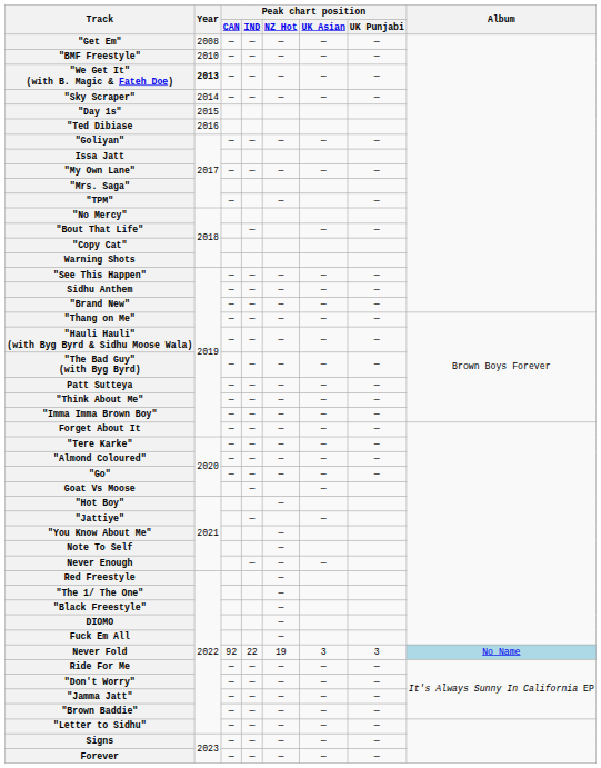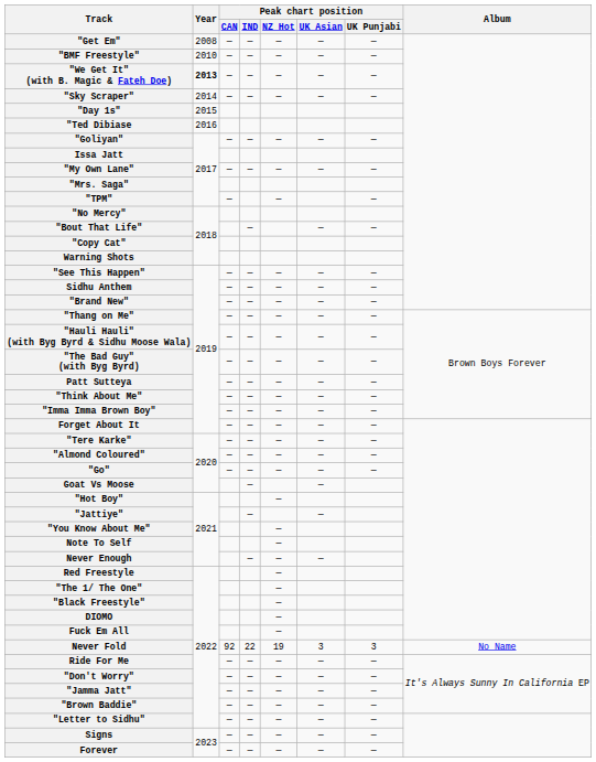 <table class="wikitable plainrowheaders" style="text-align:center;">
 <tr>
 <th rowspan="2" scope="col">Track</th>
 <th rowspan="2" scope="col">Year</th>
 <th colspan="5">Peak chart position</th>
 <th rowspan="2">Album</th>
 </tr>
 <tr>
 <th><a href='#'>CAN</a></th>
 <th><a href='#'>IND</a></th>
 <th><a href='#'>NZ Hot</a></th>
 <th><a href='#'>UK Asian</a></th>
 <th>UK Punjabi</th>
 </tr>
 <tr>
 <th scope="row">"Get Em"</th>
 <td>2008</td>
 <td>—</td>
 <td>—</td>
 <td>—</td>
 <td>—</td>
 <td>—</td>
 <td rowspan="18"></td>
 </tr>
 <tr>
 <th scope="row">"BMF Freestyle" </th>
 <td>2010</td>
 <td>—</td>
 <td>—</td>
 <td>—</td>
 <td>—</td>
 <td>—</td>
 </tr>
 <tr>
 <th scope="row">"We Get It"<br><span>(with B. Magic & <a href='#'>Fateh Doe</a>)</span></th>
 <td><strong>2013</strong></td>
 <td>—</td>
 <td>—</td>
 <td>—</td>
 <td>—</td>
 <td>—</td>
 </tr>
 <tr>
 <th scope="row">"Sky Scraper"<br></th>
 <td>2014</td>
 <td>—</td>
 <td>—</td>
 <td>—</td>
 <td>—</td>
 <td>—</td>
 </tr>
 <tr>
 <th scope="row">"Day 1s"<br></th>
 <td>2015</td>
 <td></td>
 <td></td>
 <td></td>
 <td></td>
 <td></td>
 </tr>
 <tr>
 <th scope="row">"Ted Dibiase<br></th>
 <td>2016</td>
 <td></td>
 <td></td>
 <td></td>
 <td></td>
 <td></td>
 </tr>
 <tr>
 <th scope="row">"Goliyan"<br></th>
 <td rowspan="5">2017</td>
 <td>—</td>
 <td>—</td>
 <td>—</td>
 <td>—</td>
 <td>—</td>
 </tr>
 <tr>
 <th scope="row">Issa Jatt<br> </th>
 <td></td>
 <td></td>
 <td></td>
 <td></td>
 <td></td>
 </tr>
 <tr>
 <th scope="row">"My Own Lane"</th>
 <td>—</td>
 <td>—</td>
 <td>—</td>
 <td>—</td>
 <td>—</td>
 </tr>
 <tr>
 <th scope="row">"Mrs. Saga"</th>
 <td></td>
 <td></td>
 <td></td>
 <td></td>
 <td></td>
 </tr>
 <tr>
 <th scope="row">"TPM"<br></th>
 <td>—</td>
 <td></td>
 <td>—</td>
 <td></td>
 <td>—</td>
 </tr>
 <tr>
 <th scope="row">"No Mercy"</th>
 <td rowspan="4">2018</td>
 <td></td>
 <td></td>
 <td></td>
 <td></td>
 <td></td>
 </tr>
 <tr>
 <th scope="row">"Bout That Life"<br></th>
 <td></td>
 <td>—</td>
 <td></td>
 <td>—</td>
 <td>—</td>
 </tr>
 <tr>
 <th scope="row">"Copy Cat"</th>
 <td></td>
 <td></td>
 <td></td>
 <td></td>
 <td></td>
 </tr>
 <tr>
 <th scope="row">Warning Shots<br></th>
 <td></td>
 <td></td>
 <td></td>
 <td></td>
 <td></td>
 </tr>
 <tr>
 <th scope="row">"See This Happen"<br></th>
 <td rowspan="10">2019</td>
 <td>—</td>
 <td>—</td>
 <td>—</td>
 <td>—</td>
 <td>—</td>
 </tr>
 <tr>
 <th scope="row">Sidhu Anthem </th>
 <td>—</td>
 <td>—</td>
 <td>—</td>
 <td>—</td>
 <td>—</td>
 </tr>
 <tr>
 <th scope="row">"Brand New"</th>
 <td>—</td>
 <td>—</td>
 <td>—</td>
 <td>—</td>
 <td>—</td>
 </tr>
 <tr>
 <th scope="row">"Thang on Me"<br></th>
 <td>—</td>
 <td>—</td>
 <td>—</td>
 <td>—</td>
 <td>—</td>
 <td rowspan="6">Brown Boys Forever</td>
 </tr>
 <tr>
 <th scope="row">"Hauli Hauli"<br><span>(with Byg Byrd & Sidhu Moose Wala)</span></th>
 <td>—</td>
 <td>—</td>
 <td>—</td>
 <td>—</td>
 <td>—</td>
 </tr>
 <tr>
 <th scope="row">"The Bad Guy"<br><span>(with Byg Byrd)</span></th>
 <td>—</td>
 <td>—</td>
 <td>—</td>
 <td>—</td>
 <td>—</td>
 </tr>
 <tr>
 <th scope="row">Patt Sutteya<br></th>
 <td>—</td>
 <td>—</td>
 <td>—</td>
 <td>—</td>
 <td>—</td>
 </tr>
 <tr>
 <th scope="row">"Think About Me"<br></th>
 <td>—</td>
 <td>—</td>
 <td>—</td>
 <td>—</td>
 <td>—</td>
 </tr>
 <tr>
 <th scope="row">"Imma Imma Brown Boy"<br></th>
 <td>—</td>
 <td>—</td>
 <td>—</td>
 <td>—</td>
 <td>—</td>
 </tr>
 <tr>
 <th scope="row">Forget About It<br></th>
 <td>—</td>
 <td>—</td>
 <td>—</td>
 <td>—</td>
 <td>—</td>
 <td rowspan="15"></td>
 </tr>
 <tr>
 <th scope="row">"Tere Karke" </th>
 <td rowspan="4">2020</td>
 <td>—</td>
 <td>—</td>
 <td>—</td>
 <td>—</td>
 <td>—</td>
 </tr>
 <tr>
 <th scope="row">"Almond Coloured" </th>
 <td>—</td>
 <td>—</td>
 <td>—</td>
 <td>—</td>
 <td>—</td>
 </tr>
 <tr>
 <th scope="row">"Go"</th>
 <td>—</td>
 <td>—</td>
 <td>—</td>
 <td>—</td>
 <td>—</td>
 </tr>
 <tr>
 <th scope="row">Goat Vs Moose</th>
 <td></td>
 <td>—</td>
 <td></td>
 <td>—</td>
 <td></td>
 </tr>
 <tr>
 <th scope="row">"Hot Boy" </th>
 <td rowspan="5">2021</td>
 <td></td>
 <td></td>
 <td>—</td>
 <td></td>
 <td></td>
 </tr>
 <tr>
 <th scope="row">"Jattiye"</th>
 <td></td>
 <td>—</td>
 <td></td>
 <td>—</td>
 <td></td>
 </tr>
 <tr>
 <th scope="row">"You Know About Me"</th>
 <td></td>
 <td></td>
 <td>—</td>
 <td></td>
 <td></td>
 </tr>
 <tr>
 <th scope="row">Note To Self</th>
 <td></td>
 <td></td>
 <td>—</td>
 <td></td>
 <td></td>
 </tr>
 <tr>
 <th scope="row">Never Enough</th>
 <td></td>
 <td>—</td>
 <td>—</td>
 <td>—</td>
 <td></td>
 </tr>
 <tr>
 <th scope="row">Red Freestyle</th>
 <td rowspan="11">2022</td>
 <td></td>
 <td></td>
 <td>—</td>
 <td></td>
 <td></td>
 </tr>
 <tr>
 <th scope="row">"The 1/ The One"</th>
 <td></td>
 <td></td>
 <td>—</td>
 <td></td>
 <td></td>
 </tr>
 <tr>
 <th scope="row">"Black Freestyle" </th>
 <td></td>
 <td></td>
 <td>—</td>
 <td></td>
 <td></td>
 </tr>
 <tr>
 <th scope="row">DIOMO </th>
 <td></td>
 <td></td>
 <td>—</td>
 <td></td>
 <td></td>
 </tr>
 <tr>
 <th scope="row">Fuck Em All </th>
 <td></td>
 <td></td>
 <td>—</td>
 <td></td>
 <td></td>
 </tr>
 <tr>
 <th scope="row">Never Fold </th>
 <td>92</td>
 <td>22</td>
 <td>19</td>
 <td>3</td>
 <td>3</td>
-<td style="background: lightblue;"><a href='#'>No Name</a></td>
+<td><a href='#'>No Name</a></td>
 </tr>
 <tr>
 <th scope="row">Ride For Me</th>
 <td>—</td>
 <td>—</td>
 <td>—</td>
 <td>—</td>
 <td>—</td>
 <td rowspan="4"><em>It's Always Sunny In California</em> EP</td>
 </tr>
 <tr>
 <th scope="row">"Don't Worry" </th>
 <td>—</td>
 <td>—</td>
 <td>—</td>
 <td>—</td>
 <td>—</td>
 </tr>
 <tr>
 <th scope="row">"Jamma Jatt"</th>
 <td>—</td>
 <td>—</td>
 <td>—</td>
 <td>—</td>
 <td>—</td>
 </tr>
 <tr>
 <th scope="row">"Brown Baddie" </th>
 <td>—</td>
 <td>—</td>
 <td>—</td>
 <td>—</td>
 <td>—</td>
 </tr>
 <tr>
 <th scope="row">"Letter to Sidhu"</th>
 <td>—</td>
 <td>—</td>
 <td>—</td>
 <td>—</td>
 <td>—</td>
 <td rowspan="3"></td>
 </tr>
 <tr>
 <th scope="row">Signs</th>
 <td rowspan="2">2023</td>
 <td>—</td>
 <td>—</td>
 <td>—</td>
 <td>—</td>
 <td>—</td>
 </tr>
 <tr>
 <th scope="row">Forever </th>
 <td>—</td>
 <td>—</td>
 <td>—</td>
 <td>—</td>
 <td>—</td>
 </tr>
 </table>
